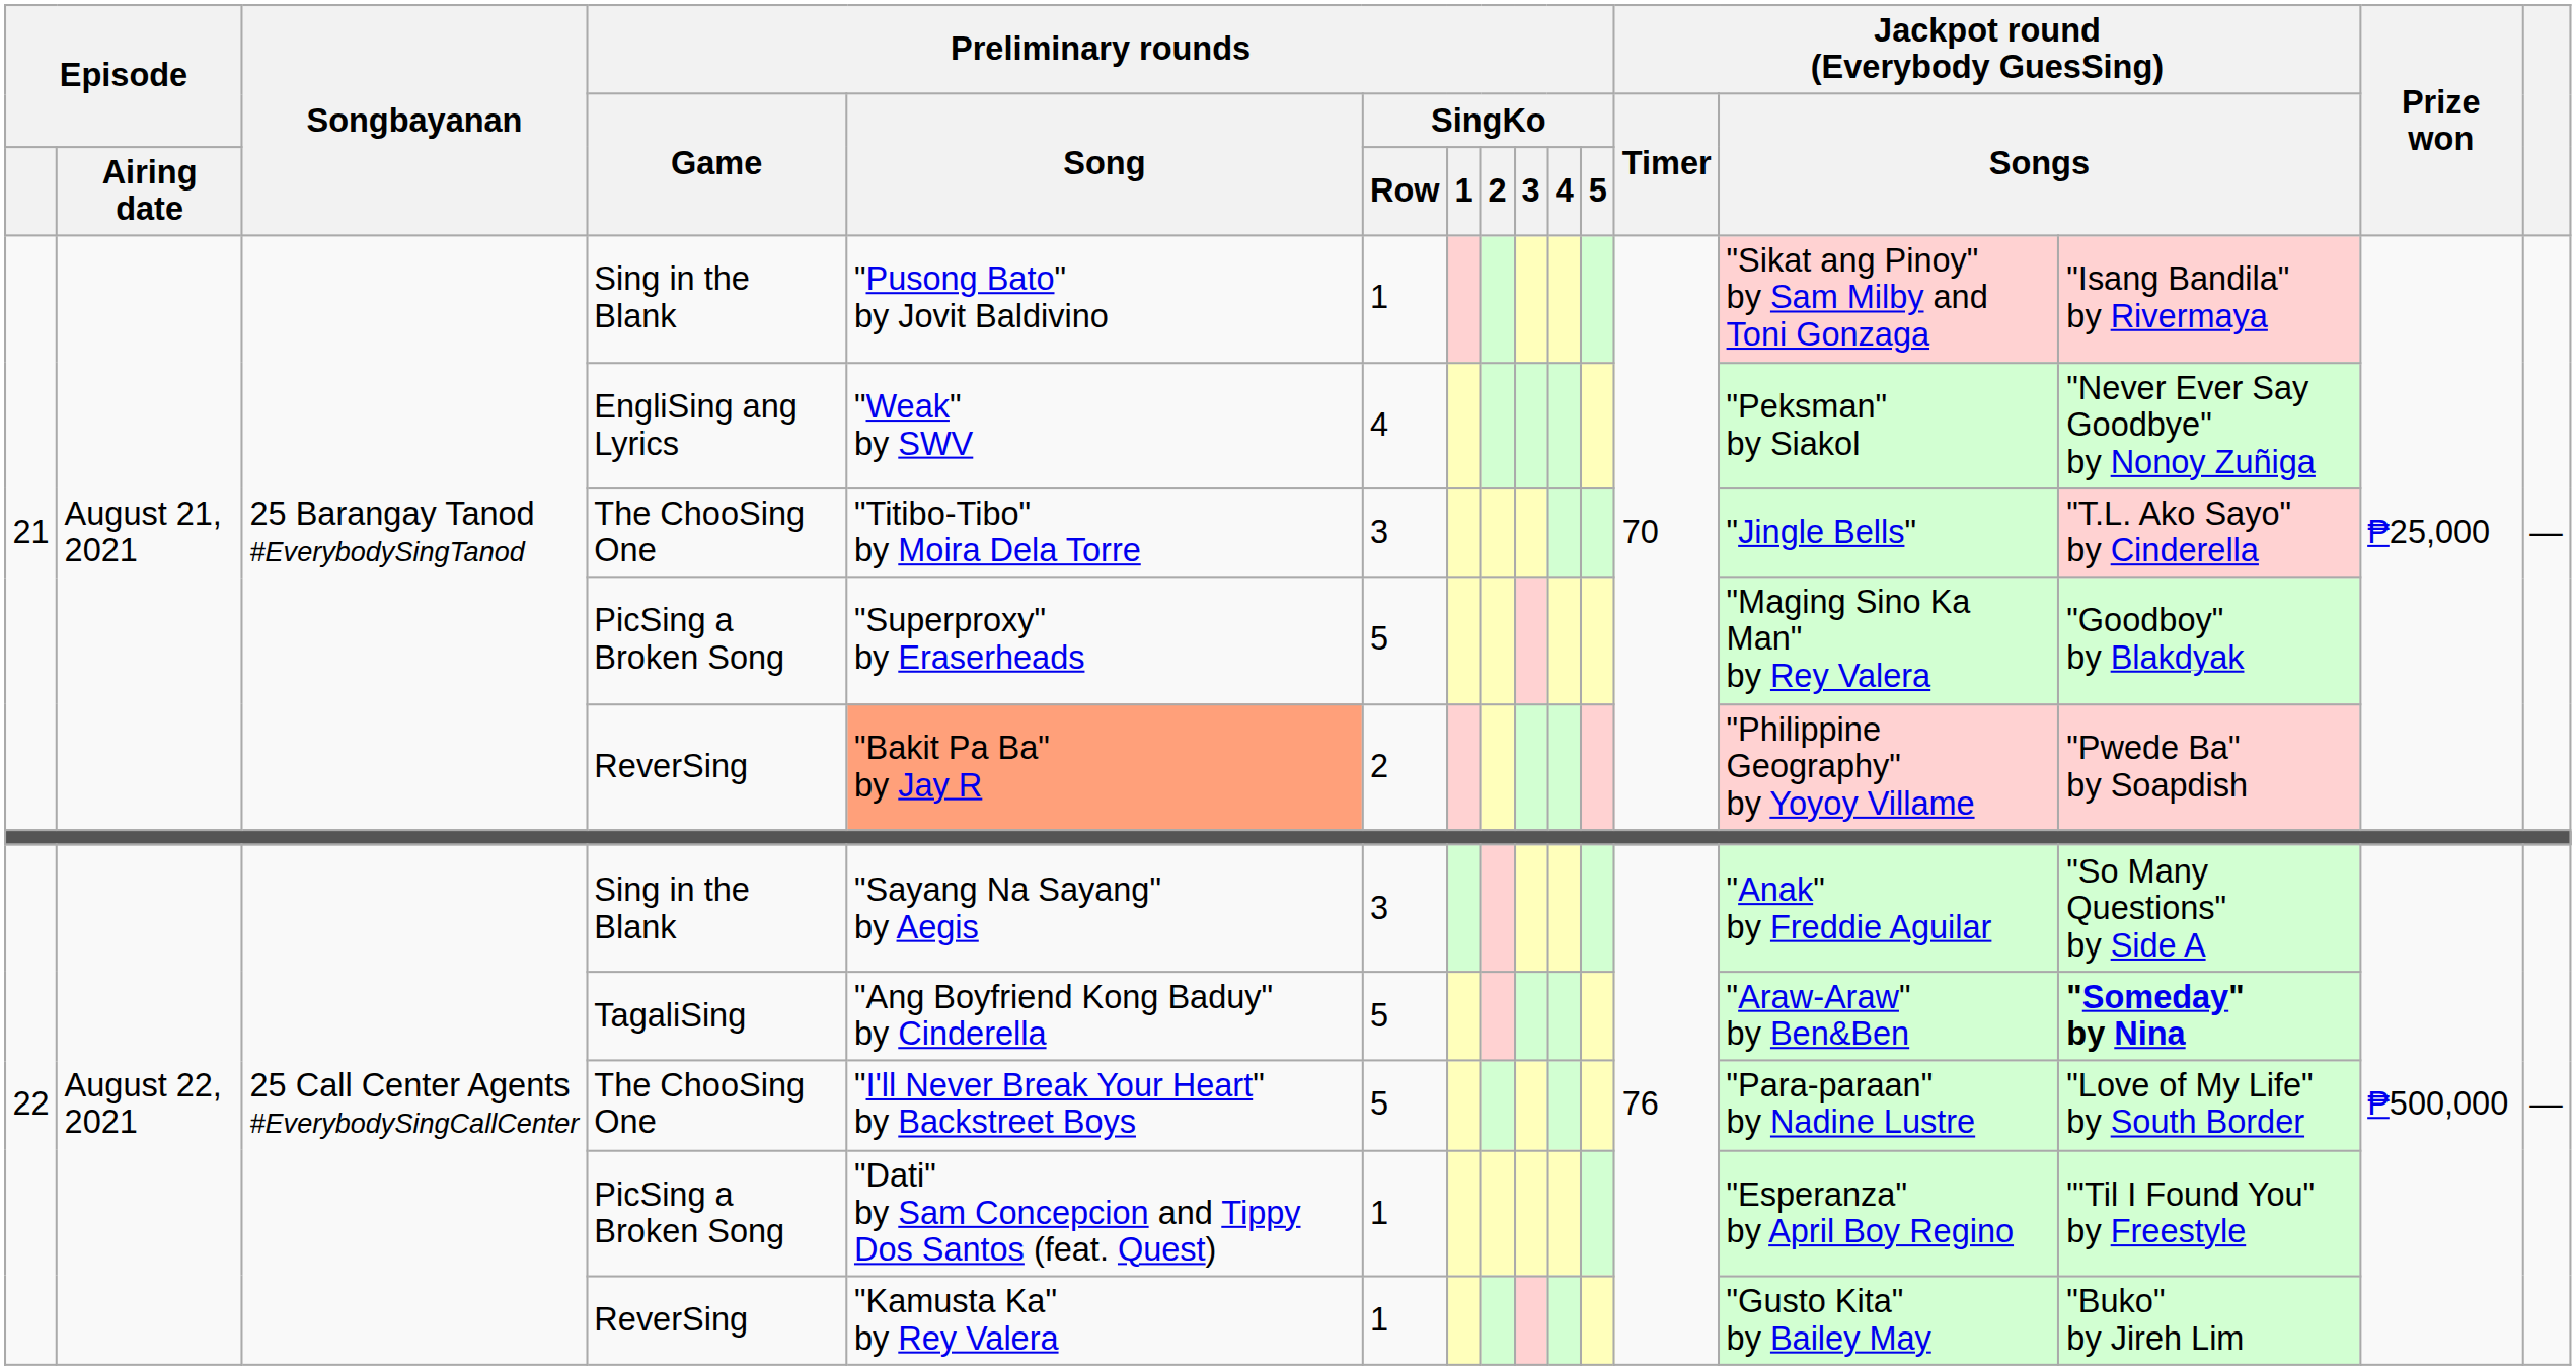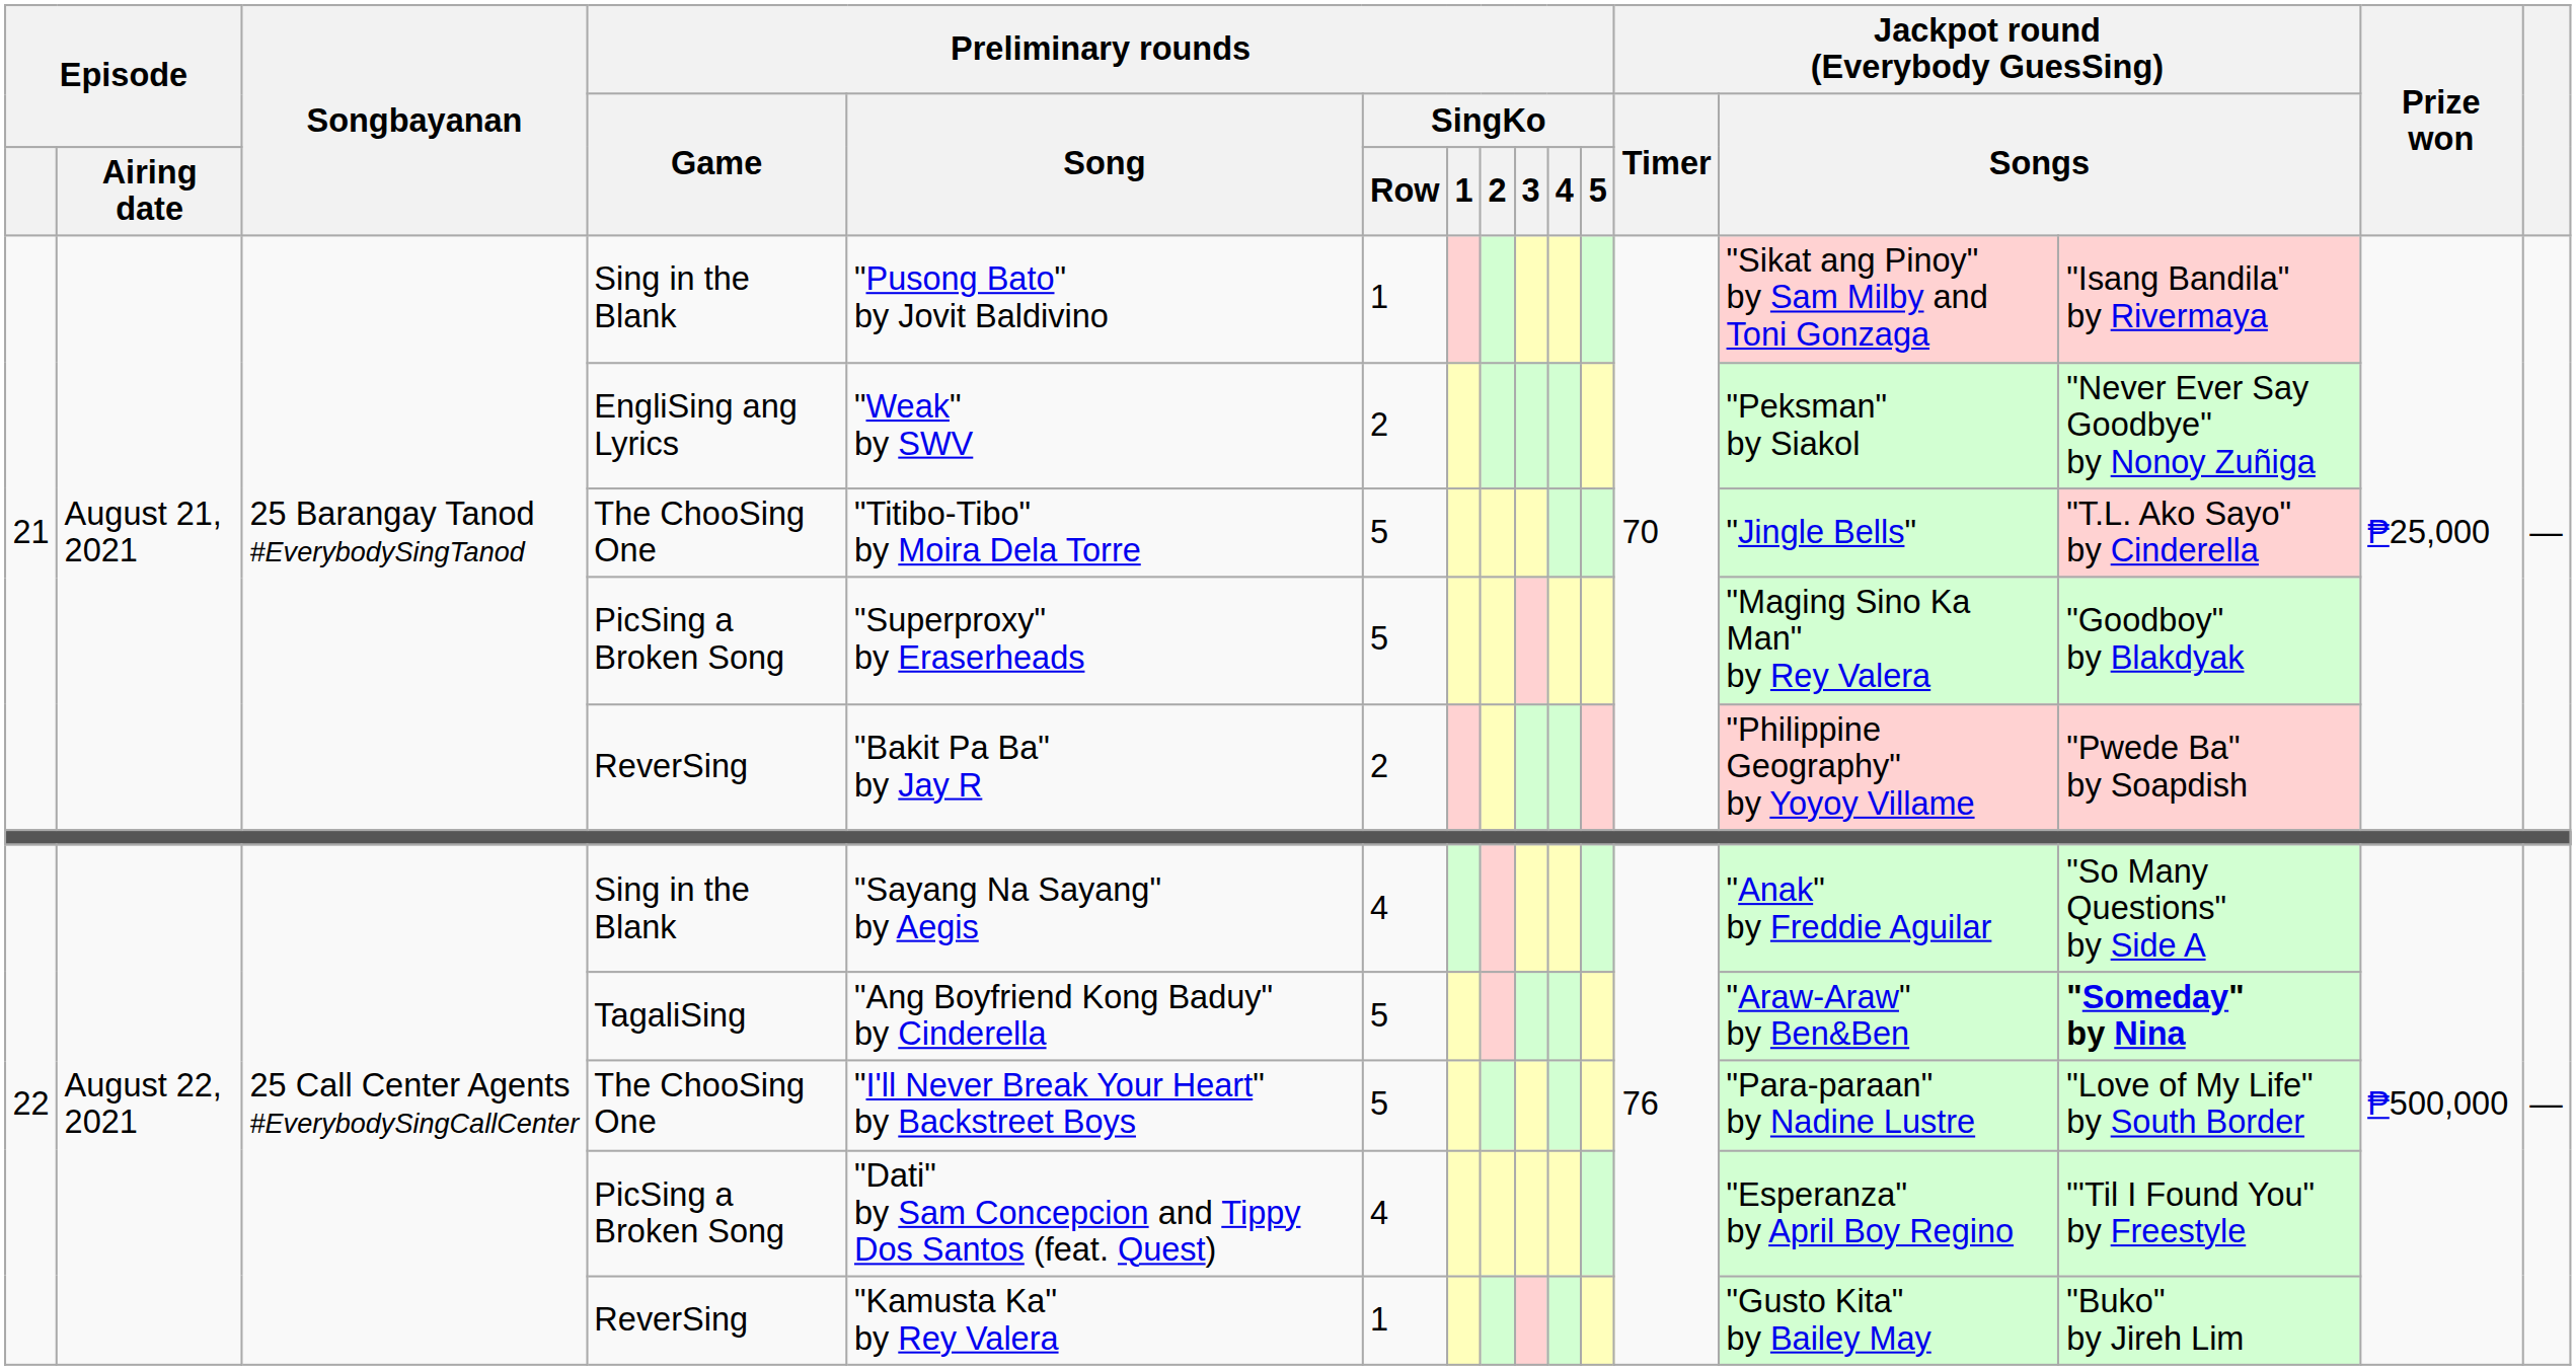 <table class="wikitable plainrowheaders mw-collapsible ">
 <tr>
 <th colspan="2" rowspan="2">Episode</th>
 <th rowspan="3">Songbayanan</th>
 <th colspan="8">Preliminary rounds</th>
 <th colspan="3">Jackpot round<br>(Everybody GuesSing)</th>
 <th rowspan="3">Prize won</th>
 <th rowspan="3"></th>
 </tr>
 <tr>
 <th rowspan="2">Game</th>
 <th rowspan="2">Song</th>
 <th colspan="6">SingKo</th>
 <th rowspan="2">Timer</th>
 <th colspan="2" rowspan="2">Songs</th>
 </tr>
 <tr>
 <th></th>
 <th>Airing date</th>
 <th>Row</th>
 <th>1</th>
 <th>2</th>
 <th>3</th>
 <th>4</th>
 <th>5</th>
 </tr>
 <tr>
 <td rowspan="5">21</td>
 <td rowspan="5">August 21, 2021</td>
 <td rowspan="5">25 Barangay Tanod<br><small><em>#EverybodySingTanod</em></small></td>
 <td>Sing in the Blank</td>
 <td>"<a href='#'>Pusong Bato</a>"<br>by Jovit Baldivino</td>
 <td>1</td>
 <td style="background:#FFD2D2"></td>
 <td style="background:#D2FFD2"></td>
 <td style="background:#FFB"></td>
 <td style="background:#FFB"></td>
 <td style="background:#D2FFD2"></td>
 <td rowspan="5">70 </td>
 <td style="background:#FFD2D2">"Sikat ang Pinoy"<br>by <a href='#'>Sam Milby</a> and <a href='#'>Toni Gonzaga</a></td>
 <td style="background:#FFD2D2">"Isang Bandila"<br>by <a href='#'>Rivermaya</a></td>
 <td rowspan="5"><a href='#'>₱</a>25,000</td>
 <td rowspan="5">—</td>
 </tr>
 <tr>
 <td>EngliSing ang Lyrics</td>
 <td>"<a href='#'>Weak</a>"<br>by <a href='#'>SWV</a></td>
-<td>4</td>
+<td>2</td>
 <td style="background:#FFB"></td>
 <td style="background:#D2FFD2"></td>
 <td style="background:#D2FFD2"></td>
 <td style="background:#D2FFD2"></td>
 <td style="background:#FFB"></td>
 <td style="background:#D2FFD2">"Peksman"<br>by Siakol</td>
 <td style="background:#D2FFD2">"Never Ever Say Goodbye"<br>by <a href='#'>Nonoy Zuñiga</a></td>
 </tr>
 <tr>
 <td>The ChooSing One</td>
 <td>"Titibo-Tibo"<br>by <a href='#'>Moira Dela Torre</a></td>
-<td>3</td>
+<td>5</td>
 <td style="background:#FFB"></td>
 <td style="background:#FFB"></td>
 <td style="background:#FFB"></td>
 <td style="background:#D2FFD2"></td>
 <td style="background:#D2FFD2"></td>
 <td style="background:#D2FFD2">"<a href='#'>Jingle Bells</a>"</td>
 <td style="background:#FFD2D2">"T.L. Ako Sayo"<br>by <a href='#'>Cinderella</a></td>
 </tr>
 <tr>
 <td>PicSing a Broken Song</td>
 <td>"Superproxy"<br>by <a href='#'>Eraserheads</a></td>
 <td>5</td>
 <td style="background:#FFB"></td>
 <td style="background:#FFB"></td>
 <td style="background:#FFD2D2"></td>
 <td style="background:#FFB"></td>
 <td style="background:#FFB"></td>
 <td style="background:#D2FFD2">"Maging Sino Ka Man"<br>by <a href='#'>Rey Valera</a></td>
 <td style="background:#D2FFD2">"Goodboy"<br>by <a href='#'>Blakdyak</a></td>
 </tr>
 <tr>
 <td>ReverSing</td>
-<td style="background: lightsalmon;">"Bakit Pa Ba"<br>by <a href='#'>Jay R</a></td>
+<td>"Bakit Pa Ba"<br>by <a href='#'>Jay R</a></td>
 <td>2</td>
 <td style="background:#FFD2D2"></td>
 <td style="background:#FFB"></td>
 <td style="background:#D2FFD2"></td>
 <td style="background:#D2FFD2"></td>
 <td style="background:#FFD2D2"></td>
 <td style="background:#FFD2D2">"Philippine Geography"<br>by <a href='#'>Yoyoy Villame</a></td>
 <td style="background:#FFD2D2">"Pwede Ba"<br>by Soapdish</td>
 </tr>
 <tr>
 <th colspan="16" style="background:#555"></th>
 </tr>
 <tr>
 <td rowspan="5">22</td>
 <td rowspan="5">August 22, 2021</td>
 <td rowspan="5">25 Call Center Agents<br><small><em>#EverybodySingCallCenter</em></small></td>
 <td>Sing in the Blank</td>
 <td>"Sayang Na Sayang"<br>by <a href='#'>Aegis</a></td>
-<td>3</td>
+<td>4</td>
 <td style="background:#D2FFD2"></td>
 <td style="background:#FFD2D2"></td>
 <td style="background:#FFB"></td>
 <td style="background:#FFB"></td>
 <td style="background:#D2FFD2"></td>
 <td rowspan="5">76 </td>
 <td style="background:#D2FFD2">"<a href='#'>Anak</a>"<br>by <a href='#'>Freddie Aguilar</a></td>
 <td style="background:#D2FFD2">"So Many Questions"<br>by <a href='#'>Side A</a></td>
 <td rowspan="5"><a href='#'>₱</a>500,000</td>
 <td rowspan="5">—</td>
 </tr>
 <tr>
 <td>TagaliSing</td>
 <td>"Ang Boyfriend Kong Baduy"<br>by <a href='#'>Cinderella</a></td>
 <td>5</td>
 <td style="background:#FFB"></td>
 <td style="background:#FFD2D2"></td>
 <td style="background:#D2FFD2"></td>
 <td style="background:#D2FFD2"></td>
 <td style="background:#FFB"></td>
 <td style="background:#D2FFD2">"<a href='#'>Araw-Araw</a>"<br>by <a href='#'>Ben&Ben</a></td>
 <td style="background:#D2FFD2"><strong>"<a href='#'>Someday</a>"<br>by <a href='#'>Nina</a></strong></td>
 </tr>
 <tr>
 <td>The ChooSing One</td>
 <td>"<a href='#'>I'll Never Break Your Heart</a>"<br>by <a href='#'>Backstreet Boys</a></td>
 <td>5</td>
 <td style="background:#FFB"></td>
 <td style="background:#D2FFD2"></td>
 <td style="background:#FFB"></td>
 <td style="background:#D2FFD2"></td>
 <td style="background:#FFB"></td>
 <td style="background:#D2FFD2">"Para-paraan"<br>by <a href='#'>Nadine Lustre</a></td>
 <td style="background:#D2FFD2">"Love of My Life"<br> by <a href='#'>South Border</a></td>
 </tr>
 <tr>
 <td>PicSing a Broken Song</td>
 <td>"Dati"<br>by <a href='#'>Sam Concepcion</a> and <a href='#'>Tippy Dos Santos</a> (feat. <a href='#'>Quest</a>)</td>
-<td>1</td>
+<td>4</td>
 <td style="background:#FFB"></td>
 <td style="background:#FFB"></td>
 <td style="background:#FFB"></td>
 <td style="background:#FFB"></td>
 <td style="background:#D2FFD2"></td>
 <td style="background:#D2FFD2">"Esperanza"<br>by <a href='#'>April Boy Regino</a></td>
 <td style="background:#D2FFD2">"'Til I Found You"<br>by <a href='#'>Freestyle</a></td>
 </tr>
 <tr>
 <td>ReverSing</td>
 <td>"Kamusta Ka"<br>by <a href='#'>Rey Valera</a></td>
 <td>1</td>
 <td style="background:#FFB"></td>
 <td style="background:#D2FFD2"></td>
 <td style="background:#FFD2D2"></td>
 <td style="background:#D2FFD2"></td>
 <td style="background:#FFB"></td>
 <td style="background:#D2FFD2">"Gusto Kita"<br>by <a href='#'>Bailey May</a></td>
 <td style="background:#D2FFD2">"Buko"<br>by Jireh Lim</td>
 </tr>
 </table>
